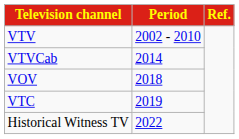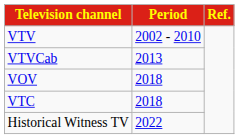 <table class="wikitable" style="text-align: left">
 <tr>
 <th style="background-color:#DB2017; color:#FFFF00">Television channel</th>
 <th style="background-color:#DB2017; color:#FFFF00">Period</th>
 <th style="background-color:#DB2017; color:#FFFF00">Ref.</th>
 </tr>
 <tr>
 <td><a href='#'>VTV</a></td>
 <td><a href='#'>2002</a> - <a href='#'>2010</a></td>
 </tr>
 <tr>
 <td><a href='#'>VTVCab</a></td>
-<td><a href='#'>2014</a></td>
+<td><a href='#'>2013</a></td>
 </tr>
 <tr>
 <td><a href='#'>VOV</a></td>
 <td><a href='#'>2018</a></td>
 </tr>
 <tr>
 <td><a href='#'>VTC</a></td>
-<td><a href='#'>2019</a></td>
+<td><a href='#'>2018</a></td>
 </tr>
 <tr>
 <td>Historical Witness TV</td>
 <td><a href='#'>2022</a></td>
 </tr>
 </table>
